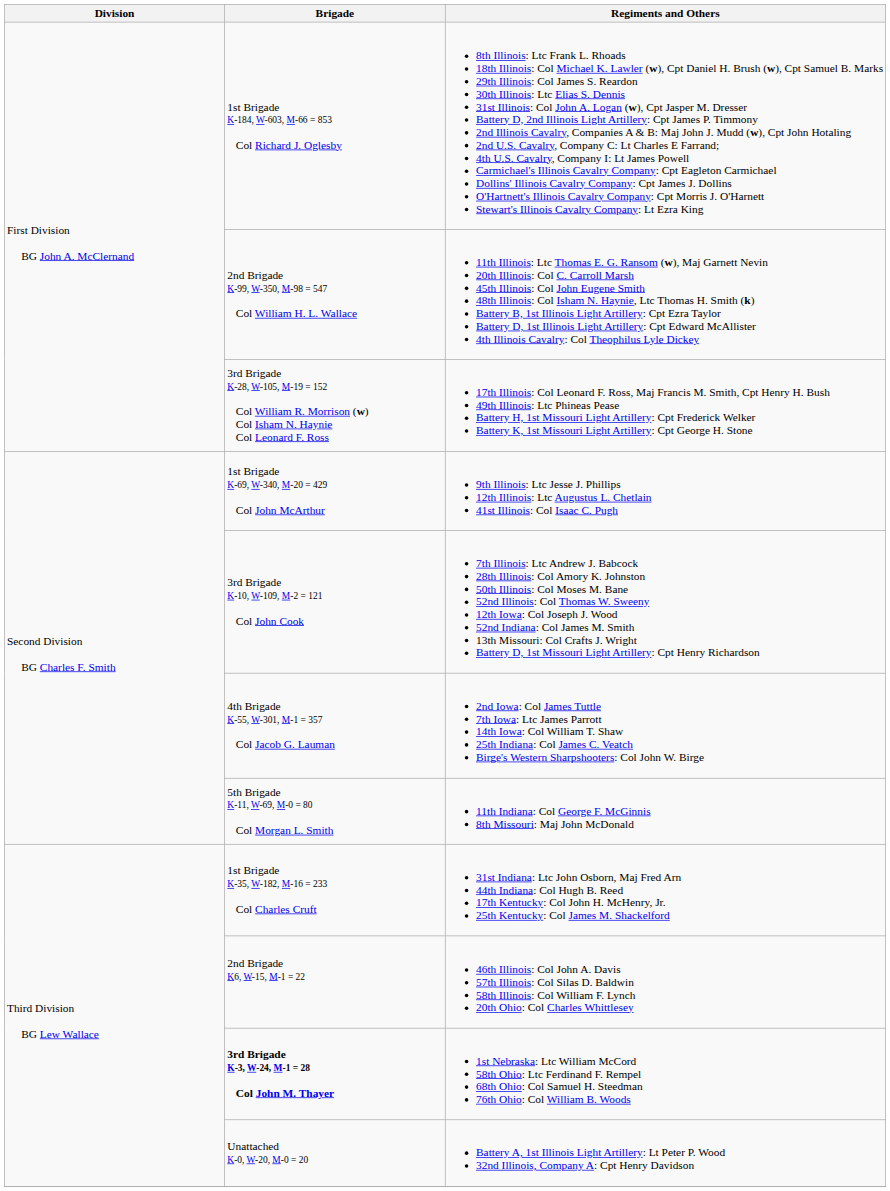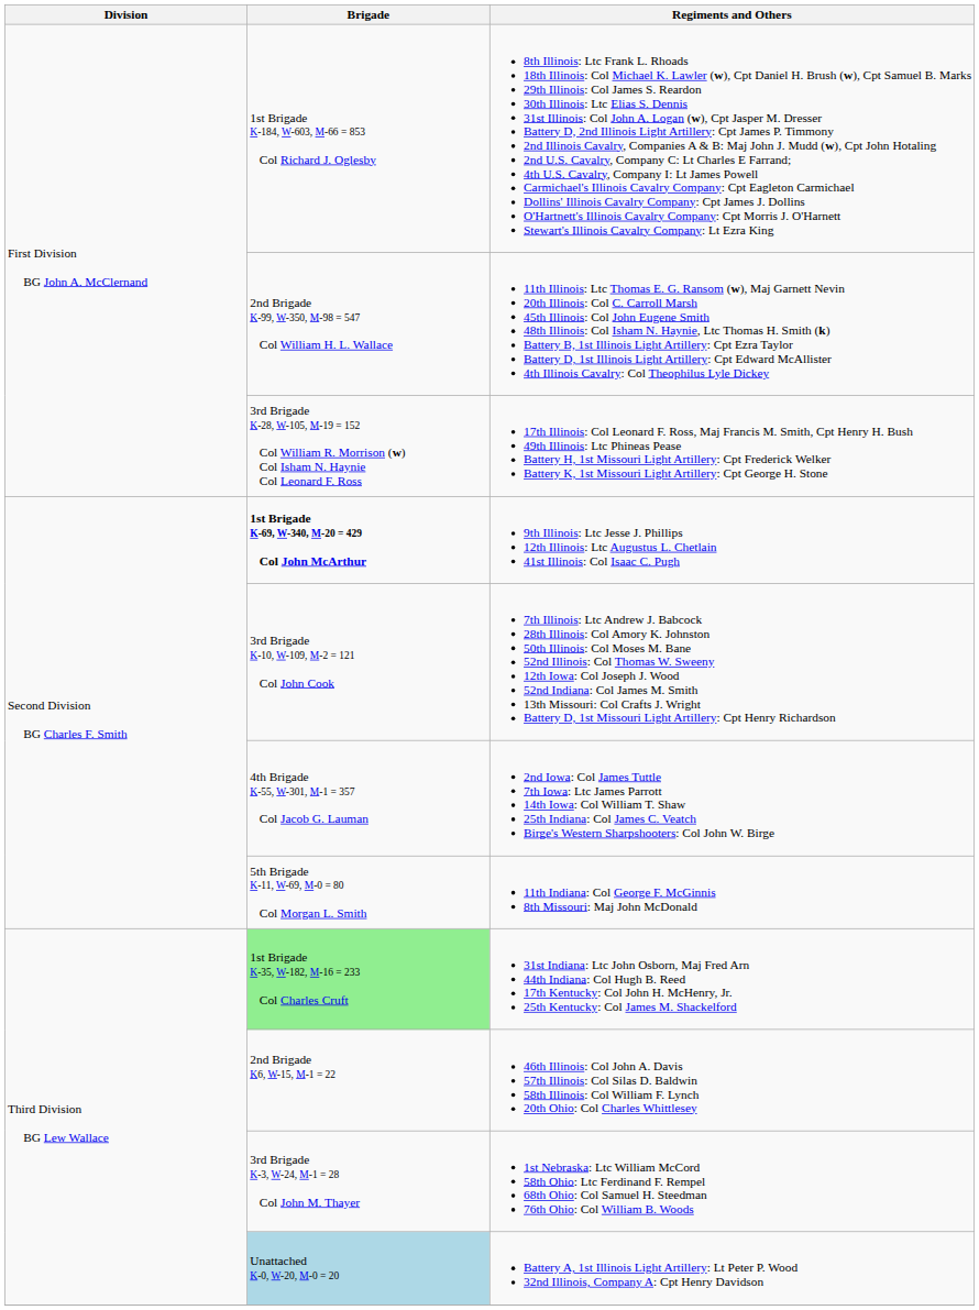 <table class="wikitable">
 <tr>
 <th width=25%>Division</th>
 <th width=25%>Brigade</th>
 <th>Regiments and Others</th>
 </tr>
 <tr>
 <td rowspan=3><br>First Division<br><br>     BG <a href='#'>John A. McClernand</a></td>
 <td>1st Brigade<br><small><a href='#'>K</a>-184, <a href='#'>W</a>-603, <a href='#'>M</a>-66 = 853</small><br><br>   Col <a href='#'>Richard J. Oglesby</a></td>
 <td><br><ul><li><a href='#'>8th Illinois</a>: Ltc Frank L. Rhoads</li><li><a href='#'>18th Illinois</a>: Col <a href='#'>Michael K. Lawler</a> (<strong>w</strong>), Cpt Daniel H. Brush (<strong>w</strong>), Cpt Samuel B. Marks</li><li><a href='#'>29th Illinois</a>: Col James S. Reardon</li><li><a href='#'>30th Illinois</a>: Ltc <a href='#'>Elias S. Dennis</a></li><li><a href='#'>31st Illinois</a>: Col <a href='#'>John A. Logan</a> (<strong>w</strong>), Cpt Jasper M. Dresser</li><li><a href='#'>Battery D, 2nd Illinois Light Artillery</a>: Cpt James P. Timmony</li><li><a href='#'>2nd Illinois Cavalry</a>, Companies A & B: Maj John J. Mudd (<strong>w</strong>), Cpt John Hotaling</li><li><a href='#'>2nd U.S. Cavalry</a>, Company C: Lt Charles E Farrand;</li><li><a href='#'>4th U.S. Cavalry</a>, Company I: Lt James Powell</li><li><a href='#'>Carmichael's Illinois Cavalry Company</a>: Cpt Eagleton Carmichael</li><li><a href='#'>Dollins' Illinois Cavalry Company</a>: Cpt James J. Dollins</li><li><a href='#'>O'Hartnett's Illinois Cavalry Company</a>: Cpt Morris J. O'Harnett</li><li><a href='#'>Stewart's Illinois Cavalry Company</a>: Lt Ezra King</li></ul></td>
 </tr>
 <tr>
 <td>2nd Brigade<br><small><a href='#'>K</a>-99, <a href='#'>W</a>-350, <a href='#'>M</a>-98 = 547</small><br><br>   Col <a href='#'>William H. L. Wallace</a></td>
 <td><br><ul><li><a href='#'>11th Illinois</a>: Ltc <a href='#'>Thomas E. G. Ransom</a> (<strong>w</strong>), Maj Garnett Nevin</li><li><a href='#'>20th Illinois</a>: Col <a href='#'>C. Carroll Marsh</a></li><li><a href='#'>45th Illinois</a>: Col <a href='#'>John Eugene Smith</a></li><li><a href='#'>48th Illinois</a>: Col <a href='#'>Isham N. Haynie</a>, Ltc Thomas H. Smith (<strong>k</strong>)</li><li><a href='#'>Battery B, 1st Illinois Light Artillery</a>: Cpt Ezra Taylor</li><li><a href='#'>Battery D, 1st Illinois Light Artillery</a>: Cpt Edward McAllister</li><li><a href='#'>4th Illinois Cavalry</a>: Col <a href='#'>Theophilus Lyle Dickey</a></li></ul></td>
 </tr>
 <tr>
 <td>3rd Brigade<br><small><a href='#'>K</a>-28, <a href='#'>W</a>-105, <a href='#'>M</a>-19 = 152</small><br><br>   Col <a href='#'>William R. Morrison</a> (<strong>w</strong>)<br>   Col <a href='#'>Isham N. Haynie</a><br>   Col <a href='#'>Leonard F. Ross</a></td>
 <td><br><ul><li><a href='#'>17th Illinois</a>: Col Leonard F. Ross, Maj Francis M. Smith, Cpt Henry H. Bush</li><li><a href='#'>49th Illinois</a>: Ltc Phineas Pease</li><li><a href='#'>Battery H, 1st Missouri Light Artillery</a>: Cpt Frederick Welker</li><li><a href='#'>Battery K, 1st Missouri Light Artillery</a>: Cpt George H. Stone</li></ul></td>
 </tr>
 <tr>
 <td rowspan=4><br>Second Division<br><br>     BG <a href='#'>Charles F. Smith</a></td>
-<td>1st Brigade<br><small><a href='#'>K</a>-69, <a href='#'>W</a>-340, <a href='#'>M</a>-20 = 429</small><br><br>   Col <a href='#'>John McArthur</a></td>
+<td><strong>1st Brigade<br><small><a href='#'>K</a>-69, <a href='#'>W</a>-340, <a href='#'>M</a>-20 = 429</small><br><br>   Col <a href='#'>John McArthur</a></strong></td>
 <td><br><ul><li><a href='#'>9th Illinois</a>: Ltc Jesse J. Phillips</li><li><a href='#'>12th Illinois</a>: Ltc <a href='#'>Augustus L. Chetlain</a></li><li><a href='#'>41st Illinois</a>: Col <a href='#'>Isaac C. Pugh</a></li></ul></td>
 </tr>
 <tr>
 <td>3rd Brigade<br><small><a href='#'>K</a>-10, <a href='#'>W</a>-109, <a href='#'>M</a>-2 = 121</small><br><br>   Col <a href='#'>John Cook</a></td>
 <td><br><ul><li><a href='#'>7th Illinois</a>: Ltc Andrew J. Babcock</li><li><a href='#'>28th Illinois</a>: Col Amory K. Johnston</li><li><a href='#'>50th Illinois</a>: Col Moses M. Bane</li><li><a href='#'>52nd Illinois</a>: Col <a href='#'>Thomas W. Sweeny</a></li><li><a href='#'>12th Iowa</a>: Col Joseph J. Wood</li><li><a href='#'>52nd Indiana</a>: Col James M. Smith</li><li>13th Missouri: Col Crafts J. Wright</li><li><a href='#'>Battery D, 1st Missouri Light Artillery</a>: Cpt Henry Richardson</li></ul></td>
 </tr>
 <tr>
 <td>4th Brigade<br><small><a href='#'>K</a>-55, <a href='#'>W</a>-301, <a href='#'>M</a>-1 = 357</small><br><br>   Col <a href='#'>Jacob G. Lauman</a></td>
 <td><br><ul><li><a href='#'>2nd Iowa</a>: Col <a href='#'>James Tuttle</a></li><li><a href='#'>7th Iowa</a>: Ltc James Parrott</li><li><a href='#'>14th Iowa</a>: Col William T. Shaw</li><li><a href='#'>25th Indiana</a>: Col <a href='#'>James C. Veatch</a></li><li><a href='#'>Birge's Western Sharpshooters</a>: Col John W. Birge</li></ul></td>
 </tr>
 <tr>
 <td>5th Brigade<br><small><a href='#'>K</a>-11, <a href='#'>W</a>-69, <a href='#'>M</a>-0 = 80</small><br><br>   Col <a href='#'>Morgan L. Smith</a></td>
 <td><br><ul><li><a href='#'>11th Indiana</a>: Col <a href='#'>George F. McGinnis</a></li><li><a href='#'>8th Missouri</a>: Maj John McDonald</li></ul></td>
 </tr>
 <tr>
 <td rowspan=4><br>Third Division<br><br>     BG <a href='#'>Lew Wallace</a></td>
-<td>1st Brigade<br><small><a href='#'>K</a>-35, <a href='#'>W</a>-182, <a href='#'>M</a>-16 = 233</small><br><br>   Col <a href='#'>Charles Cruft</a></td>
+<td style="background: lightgreen;">1st Brigade<br><small><a href='#'>K</a>-35, <a href='#'>W</a>-182, <a href='#'>M</a>-16 = 233</small><br><br>   Col <a href='#'>Charles Cruft</a></td>
 <td><br><ul><li><a href='#'>31st Indiana</a>: Ltc John Osborn, Maj Fred Arn</li><li><a href='#'>44th Indiana</a>: Col Hugh B. Reed</li><li><a href='#'>17th Kentucky</a>: Col John H. McHenry, Jr.</li><li><a href='#'>25th Kentucky</a>: Col <a href='#'>James M. Shackelford</a></li></ul></td>
 </tr>
 <tr>
 <td>2nd Brigade<br><small><a href='#'>K</a>6, <a href='#'>W</a>-15, <a href='#'>M</a>-1 = 22</small><br><br>  </td>
 <td><br><ul><li><a href='#'>46th Illinois</a>: Col John A. Davis</li><li><a href='#'>57th Illinois</a>: Col Silas D. Baldwin</li><li><a href='#'>58th Illinois</a>: Col William F. Lynch</li><li><a href='#'>20th Ohio</a>: Col <a href='#'>Charles Whittlesey</a></li></ul></td>
 </tr>
 <tr>
-<td><strong>3rd Brigade<br><small><a href='#'>K</a>-3, <a href='#'>W</a>-24, <a href='#'>M</a>-1 = 28</small><br><br>   Col <a href='#'>John M. Thayer</a></strong></td>
+<td>3rd Brigade<br><small><a href='#'>K</a>-3, <a href='#'>W</a>-24, <a href='#'>M</a>-1 = 28</small><br><br>   Col <a href='#'>John M. Thayer</a></td>
 <td><br><ul><li><a href='#'>1st Nebraska</a>: Ltc William McCord</li><li><a href='#'>58th Ohio</a>: Ltc Ferdinand F. Rempel</li><li><a href='#'>68th Ohio</a>: Col Samuel H. Steedman</li><li><a href='#'>76th Ohio</a>: Col <a href='#'>William B. Woods</a></li></ul></td>
 </tr>
 <tr>
-<td>Unattached<br><small><a href='#'>K</a>-0, <a href='#'>W</a>-20, <a href='#'>M</a>-0 = 20</small></td>
+<td style="background: lightblue;">Unattached<br><small><a href='#'>K</a>-0, <a href='#'>W</a>-20, <a href='#'>M</a>-0 = 20</small></td>
 <td><br><ul><li><a href='#'>Battery A, 1st Illinois Light Artillery</a>: Lt Peter P. Wood</li><li><a href='#'>32nd Illinois, Company A</a>: Cpt Henry Davidson</li></ul></td>
 </tr>
 <tr>
 </tr>
 </table>
